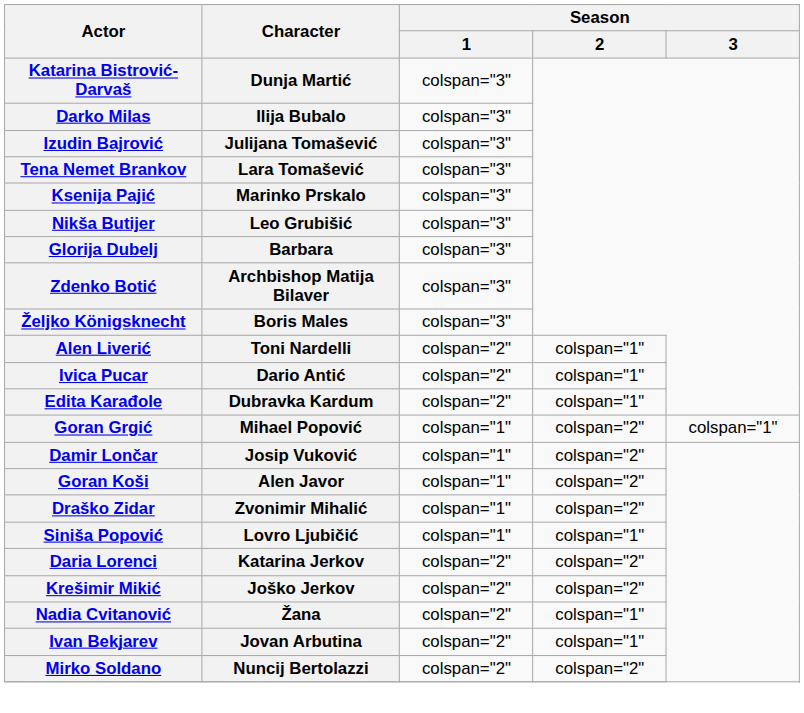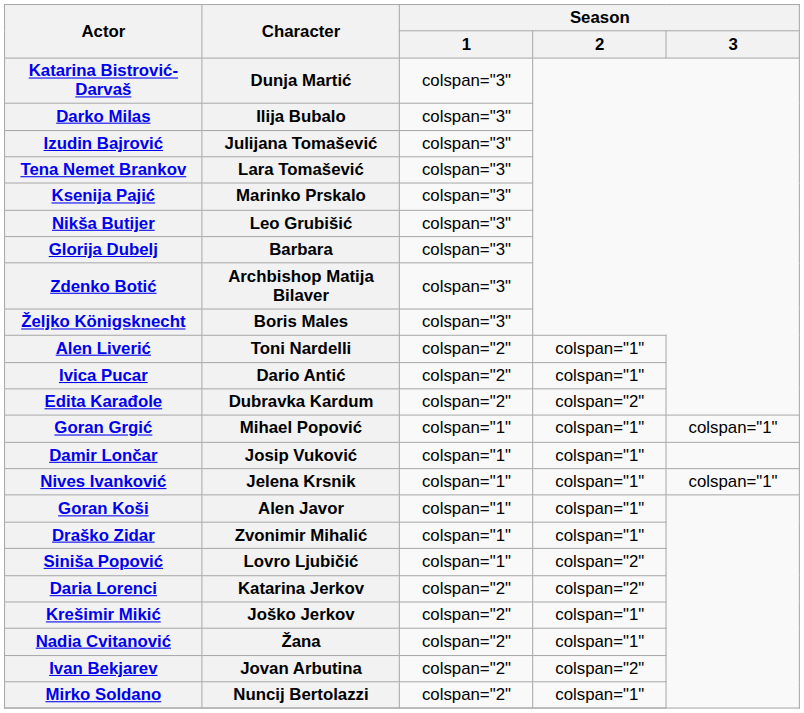 <table class="wikitable plainrowheaders" style="text-align:center; width:60%;">
 <tr>
 <th rowspan="2" style="width:15%;" scope="col">Actor</th>
 <th rowspan="2" style="width:15%;" scope="col">Character</th>
 <th colspan="3">Season</th>
 </tr>
 <tr>
 <th style="width:7%;" scope="colspan">1</th>
 <th style="width:7%;" scope="colspan">2</th>
 <th style="width:7%;" scope="colspan">3</th>
 </tr>
 <tr>
 <th scope="row" style="text-align: center;"><a href='#'>Katarina Bistrović-Darvaš</a></th>
 <th scope="row" style="text-align: center;">Dunja Martić</th>
 <td>colspan="3" </td>
 </tr>
 <tr>
 <th scope="row" style="text-align: center;"><a href='#'>Darko Milas</a></th>
 <th scope="row" style="text-align: center;">Ilija Bubalo</th>
 <td>colspan="3" </td>
 </tr>
 <tr>
 <th scope="row" style="text-align: center;"><a href='#'>Izudin Bajrović</a></th>
 <th scope="row" style="text-align: center;">Julijana Tomašević</th>
 <td>colspan="3" </td>
 </tr>
 <tr>
 <th scope="row" style="text-align: center;"><a href='#'>Tena Nemet Brankov</a></th>
 <th scope="row" style="text-align: center;">Lara Tomašević</th>
 <td>colspan="3" </td>
 </tr>
 <tr>
 <th scope="row" style="text-align: center;"><a href='#'>Ksenija Pajić</a></th>
 <th scope="row" style="text-align: center;">Marinko Prskalo</th>
 <td>colspan="3" </td>
 </tr>
 <tr>
 <th scope="row" style="text-align: center;"><a href='#'>Nikša Butijer</a></th>
 <th scope="row" style="text-align: center;">Leo Grubišić</th>
 <td>colspan="3" </td>
 </tr>
 <tr>
 <th scope="row" style="text-align: center;"><a href='#'>Glorija Dubelj</a></th>
 <th scope="row" style="text-align: center;">Barbara</th>
 <td>colspan="3" </td>
 </tr>
 <tr>
 <th scope="row" style="text-align: center;"><a href='#'>Zdenko Botić</a></th>
 <th scope="row" style="text-align: center;">Archbishop Matija Bilaver</th>
 <td>colspan="3" </td>
 </tr>
 <tr>
 <th scope="row" style="text-align: center;"><a href='#'>Željko Königsknecht</a></th>
 <th scope="row" style="text-align: center;">Boris Males</th>
 <td>colspan="3" </td>
 </tr>
 <tr>
 <th scope="row" style="text-align: center;"><a href='#'>Alen Liverić</a></th>
 <th scope="row" style="text-align: center;">Toni Nardelli</th>
 <td>colspan="2" </td>
 <td>colspan="1" </td>
 </tr>
 <tr>
 <th scope="row" style="text-align: center;"><a href='#'>Ivica Pucar</a></th>
 <th scope="row" style="text-align: center;">Dario Antić</th>
 <td>colspan="2" </td>
 <td>colspan="1" </td>
 </tr>
 <tr>
 <th scope="row" style="text-align: center;"><a href='#'>Edita Karađole</a></th>
 <th scope="row" style="text-align: center;">Dubravka Kardum</th>
 <td>colspan="2" </td>
-<td>colspan="1" </td>
+<td>colspan="2" </td>
 </tr>
 <tr>
 <th scope="row" style="text-align: center;"><a href='#'>Goran Grgić</a></th>
 <th scope="row" style="text-align: center;">Mihael Popović</th>
 <td>colspan="1" </td>
-<td>colspan="2" </td>
+<td>colspan="1" </td>
 <td>colspan="1" </td>
 </tr>
 <tr>
 <th scope="row" style="text-align: center;"><a href='#'>Damir Lončar</a></th>
 <th scope="row" style="text-align: center;">Josip Vuković</th>
 <td>colspan="1" </td>
-<td>colspan="2" </td>
+<td>colspan="1" </td>
+</tr>
+<tr>
+<th scope="row" style="text-align: center;"><a href='#'>Nives Ivanković</a></th>
+<th scope="row" style="text-align: center;">Jelena Krsnik</th>
+<td>colspan="1" </td>
+<td>colspan="1" </td>
+<td>colspan="1" </td>
 </tr>
 <tr>
 <th scope="row" style="text-align: center;"><a href='#'>Goran Koši</a></th>
 <th scope="row" style="text-align: center;">Alen Javor</th>
 <td>colspan="1" </td>
-<td>colspan="2" </td>
+<td>colspan="1" </td>
 </tr>
 <tr>
 <th scope="row" style="text-align: center;"><a href='#'>Draško Zidar</a></th>
 <th scope="row" style="text-align: center;">Zvonimir Mihalić</th>
 <td>colspan="1" </td>
-<td>colspan="2" </td>
+<td>colspan="1" </td>
 </tr>
 <tr>
 <th scope="row" style="text-align: center;"><a href='#'>Siniša Popović</a></th>
 <th scope="row" style="text-align: center;">Lovro Ljubičić</th>
 <td>colspan="1" </td>
-<td>colspan="1" </td>
+<td>colspan="2" </td>
 </tr>
 <tr>
 <th scope="row" style="text-align: center;"><a href='#'>Daria Lorenci</a></th>
 <th scope="row" style="text-align: center;">Katarina Jerkov</th>
 <td>colspan="2" </td>
 <td>colspan="2" </td>
 </tr>
 <tr>
 <th scope="row" style="text-align: center;"><a href='#'>Krešimir Mikić</a></th>
 <th scope="row" style="text-align: center;">Joško Jerkov</th>
 <td>colspan="2" </td>
-<td>colspan="2" </td>
+<td>colspan="1" </td>
 </tr>
 <tr>
 <th scope="row" style="text-align: center;"><a href='#'>Nadia Cvitanović</a></th>
 <th scope="row" style="text-align: center;">Žana</th>
 <td>colspan="2" </td>
 <td>colspan="1" </td>
 </tr>
 <tr>
 <th scope="row" style="text-align: center;"><a href='#'>Ivan Bekjarev</a></th>
 <th scope="row" style="text-align: center;">Jovan Arbutina</th>
 <td>colspan="2" </td>
-<td>colspan="1" </td>
+<td>colspan="2" </td>
 </tr>
 <tr>
 <th scope="row" style="text-align: center;"><a href='#'>Mirko Soldano</a></th>
 <th scope="row" style="text-align: center;">Nuncij Bertolazzi</th>
 <td>colspan="2" </td>
-<td>colspan="2" </td>
+<td>colspan="1" </td>
 </tr>
 <tr>
 </tr>
 </table>
